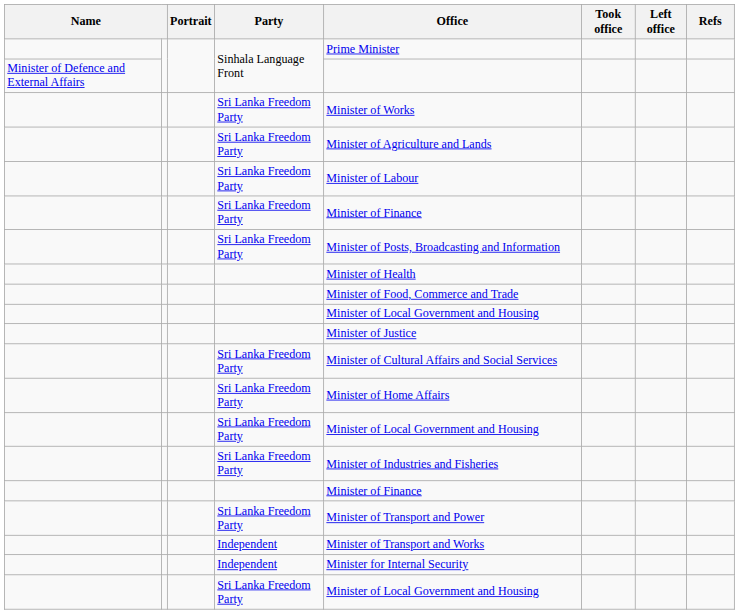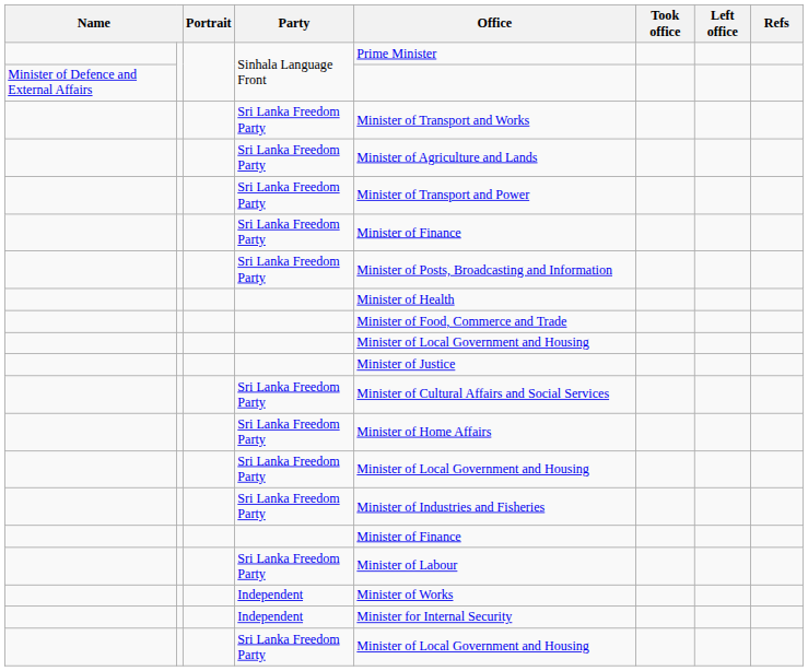 <table class="wikitable plainrowheaders sortable" style="font-size:90%; text-align:left;">
 <tr>
 <th scope=col colspan="2">Name</th>
 <th scope=col class=unsortable>Portrait</th>
 <th scope=col>Party</th>
 <th scope=col width=300px>Office</th>
 <th scope=col>Took office</th>
 <th scope=col>Left office</th>
 <th scope=col width=50px class=unsortable>Refs</th>
 </tr>
 <tr>
 <td !align="center" style="background:"></td>
 <td rowspan=2></td>
 <td align=center rowspan=2></td>
 <td rowspan=2>Sinhala Language Front</td>
 <td><a href='#'>Prime Minister</a></td>
 <td align=center></td>
 <td align=center></td>
 <td align=center></td>
 </tr>
 <tr>
 <td><a href='#'>Minister of Defence and External Affairs</a></td>
 <td align=center></td>
 <td align=center></td>
 <td align=center></td>
 </tr>
 <tr>
 <td !align="center" style="background:"></td>
 <td></td>
 <td align=center></td>
 <td><a href='#'>Sri Lanka Freedom Party</a></td>
-<td><a href='#'>Minister of Works</a></td>
+<td><a href='#'>Minister of Transport and Works</a></td>
 <td align=center></td>
 <td align=center></td>
 <td align=center></td>
 </tr>
 <tr>
 <td !align="center" style="background:"></td>
 <td></td>
 <td align=center></td>
 <td><a href='#'>Sri Lanka Freedom Party</a></td>
 <td><a href='#'>Minister of Agriculture and Lands</a></td>
 <td align=center></td>
 <td align=center></td>
 <td align=center></td>
 </tr>
 <tr>
 <td !align="center" style="background:"></td>
 <td></td>
 <td align=center></td>
 <td><a href='#'>Sri Lanka Freedom Party</a></td>
-<td><a href='#'>Minister of Labour</a></td>
+<td><a href='#'>Minister of Transport and Power</a></td>
 <td align=center></td>
 <td align=center></td>
 <td align=center></td>
 </tr>
 <tr>
 <td !align="center" style="background:"></td>
 <td></td>
 <td align=center></td>
 <td><a href='#'>Sri Lanka Freedom Party</a></td>
 <td><a href='#'>Minister of Finance</a></td>
 <td align=center></td>
 <td align=center></td>
 <td align=center></td>
 </tr>
 <tr>
 <td !align="center" style="background:"></td>
 <td></td>
 <td align=center></td>
 <td><a href='#'>Sri Lanka Freedom Party</a></td>
 <td><a href='#'>Minister of Posts, Broadcasting and Information</a></td>
 <td align=center></td>
 <td align=center></td>
 <td align=center></td>
 </tr>
 <tr>
 <td></td>
 <td></td>
 <td align=center></td>
 <td></td>
 <td><a href='#'>Minister of Health</a></td>
 <td align=center></td>
 <td align=center></td>
 <td align=center></td>
 </tr>
 <tr>
 <td></td>
 <td></td>
 <td align=center></td>
 <td></td>
 <td><a href='#'>Minister of Food, Commerce and Trade</a></td>
 <td align=center></td>
 <td align=center></td>
 <td align=center></td>
 </tr>
 <tr>
 <td></td>
 <td></td>
 <td align=center></td>
 <td></td>
 <td><a href='#'>Minister of Local Government and Housing</a></td>
 <td align=center></td>
 <td align=center></td>
 <td align=center></td>
 </tr>
 <tr>
 <td></td>
 <td></td>
 <td align=center></td>
 <td></td>
 <td><a href='#'>Minister of Justice</a></td>
 <td align=center></td>
 <td align=center></td>
 <td align=center></td>
 </tr>
 <tr>
 <td !align="center" style="background:"></td>
 <td></td>
 <td align=center></td>
 <td><a href='#'>Sri Lanka Freedom Party</a></td>
 <td><a href='#'>Minister of Cultural Affairs and Social Services</a></td>
 <td align=center></td>
 <td align=center></td>
 <td align=center></td>
 </tr>
 <tr>
 <td !align="center" style="background:"></td>
 <td></td>
 <td align=center></td>
 <td><a href='#'>Sri Lanka Freedom Party</a></td>
 <td><a href='#'>Minister of Home Affairs</a></td>
 <td align=center></td>
 <td align=center></td>
 <td align=center></td>
 </tr>
 <tr>
 <td !align="center" style="background:"></td>
 <td></td>
 <td align=center></td>
 <td><a href='#'>Sri Lanka Freedom Party</a></td>
 <td><a href='#'>Minister of Local Government and Housing</a></td>
 <td align=center></td>
 <td align=center></td>
 <td align=center></td>
 </tr>
 <tr>
 <td !align="center" style="background:"></td>
 <td></td>
 <td align=center></td>
 <td><a href='#'>Sri Lanka Freedom Party</a></td>
 <td><a href='#'>Minister of Industries and Fisheries</a></td>
 <td align=center></td>
 <td align=center></td>
 <td align=center></td>
 </tr>
 <tr>
 <td></td>
 <td></td>
 <td align=center></td>
 <td></td>
 <td><a href='#'>Minister of Finance</a></td>
 <td align=center></td>
 <td align=center></td>
 <td align=center></td>
 </tr>
 <tr>
 <td !align="center" style="background:"></td>
 <td></td>
 <td align=center></td>
 <td><a href='#'>Sri Lanka Freedom Party</a></td>
-<td><a href='#'>Minister of Transport and Power</a></td>
+<td><a href='#'>Minister of Labour</a></td>
 <td align=center></td>
 <td align=center></td>
 <td align=center></td>
 </tr>
 <tr>
 <td !align="center" style="background:"></td>
 <td></td>
 <td align=center></td>
 <td><a href='#'>Independent</a></td>
-<td><a href='#'>Minister of Transport and Works</a></td>
+<td><a href='#'>Minister of Works</a></td>
 <td align=center></td>
 <td align=center></td>
 <td align=center></td>
 </tr>
 <tr>
 <td !align="center" style="background:"></td>
 <td></td>
 <td align=center></td>
 <td><a href='#'>Independent</a></td>
 <td><a href='#'>Minister for Internal Security</a></td>
 <td align=center></td>
 <td align=center></td>
 <td align=center></td>
 </tr>
 <tr>
 <td !align="center" style="background:"></td>
 <td></td>
 <td align=center></td>
 <td><a href='#'>Sri Lanka Freedom Party</a></td>
 <td><a href='#'>Minister of Local Government and Housing</a></td>
 <td align=center></td>
 <td align=center></td>
 <td align=center></td>
 </tr>
 </table>
